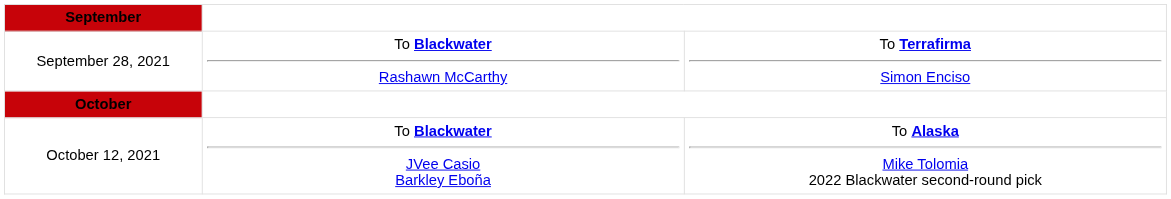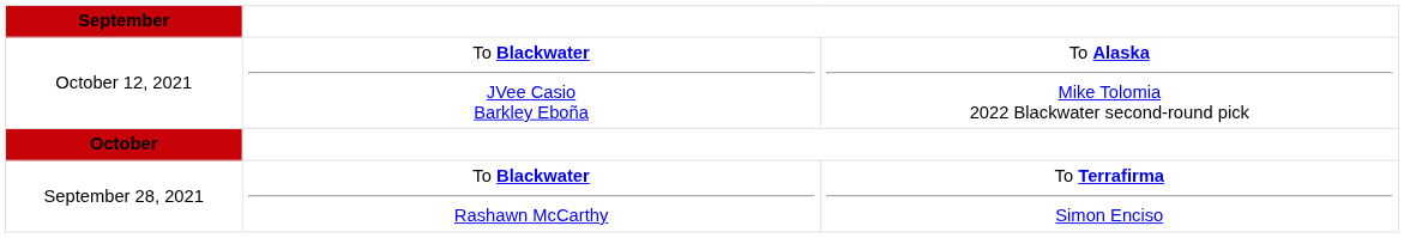 <table border=1 style="border-collapse:collapse; text-align: center; width: 100%" bordercolor="#DFDFDF"  cellpadding="5">
 <tr bgcolor="eeeeee">
 <th style="background:#C70309; color:#000000; ">September</th>
+</tr>
+<tr>
+<td style="width:12%">October 12, 2021</td>
+<td style="width:29.3%" valign="top">To <strong><a href='#'>Blackwater</a></strong><hr><a href='#'>JVee Casio</a><br><a href='#'>Barkley Eboña</a></td>
+<td style="width:29.3%" valign="top">To <strong><a href='#'>Alaska</a></strong><hr><a href='#'>Mike Tolomia</a><br>2022 Blackwater second-round pick</td>
+</tr>
+<tr>
+<th style="background:#C70309; color:#000000; ">October</th>
 </tr>
 <tr>
 <td style="width:12%">September 28, 2021</td>
 <td style="width:29.3%" valign="top">To <strong><a href='#'>Blackwater</a></strong><hr><a href='#'>Rashawn McCarthy</a></td>
 <td style="width:29.3%" valign="top">To <strong><a href='#'>Terrafirma</a></strong><hr><a href='#'>Simon Enciso</a></td>
 </tr>
-<tr>
-<th style="background:#C70309; color:#000000; ">October</th>
-</tr>
-<tr>
-<td style="width:12%">October 12, 2021</td>
-<td style="width:29.3%" valign="top">To <strong><a href='#'>Blackwater</a></strong><hr><a href='#'>JVee Casio</a><br><a href='#'>Barkley Eboña</a></td>
-<td style="width:29.3%" valign="top">To <strong><a href='#'>Alaska</a></strong><hr><a href='#'>Mike Tolomia</a><br>2022 Blackwater second-round pick</td>
-</tr>
 </table>
